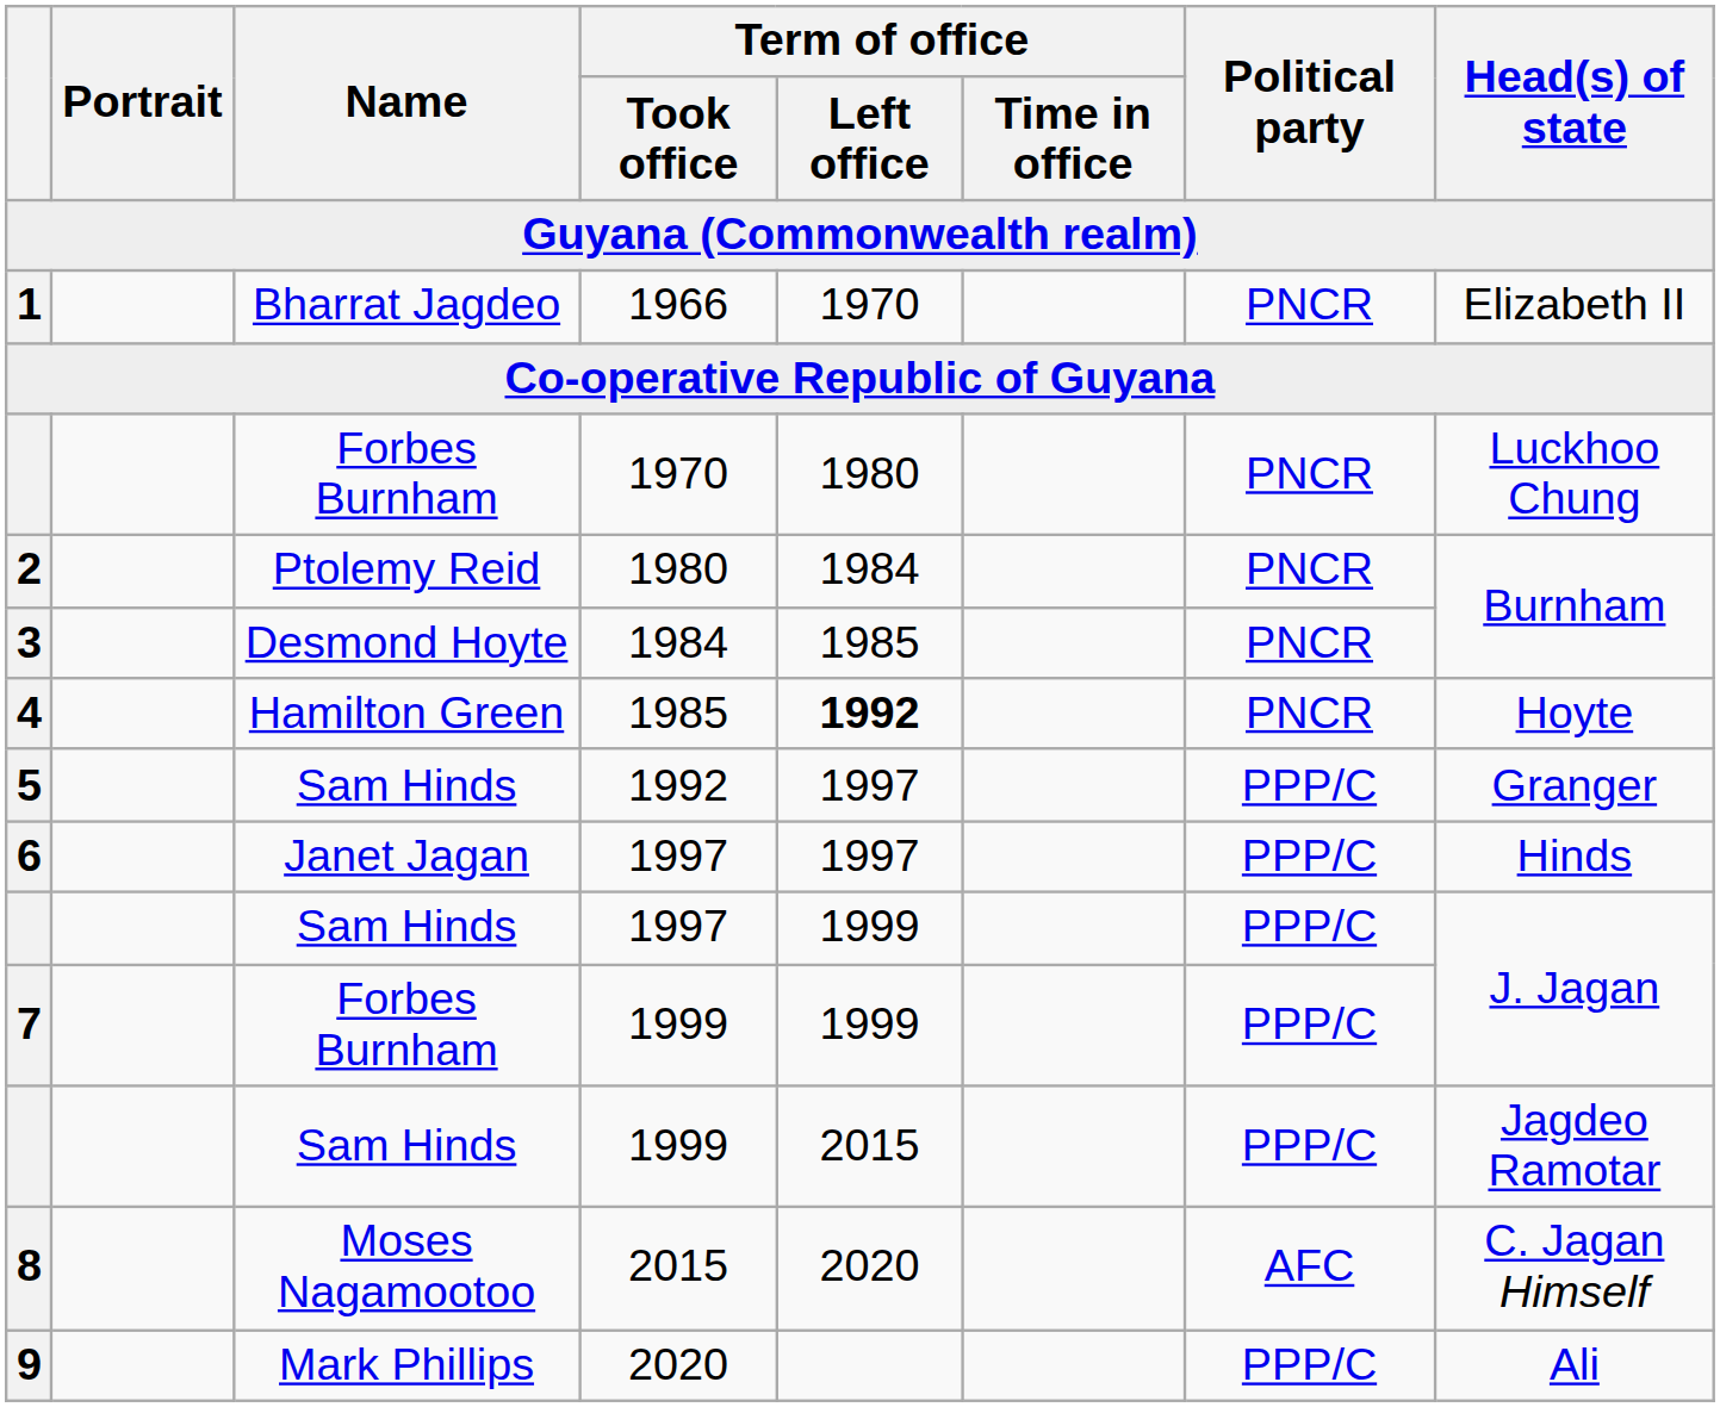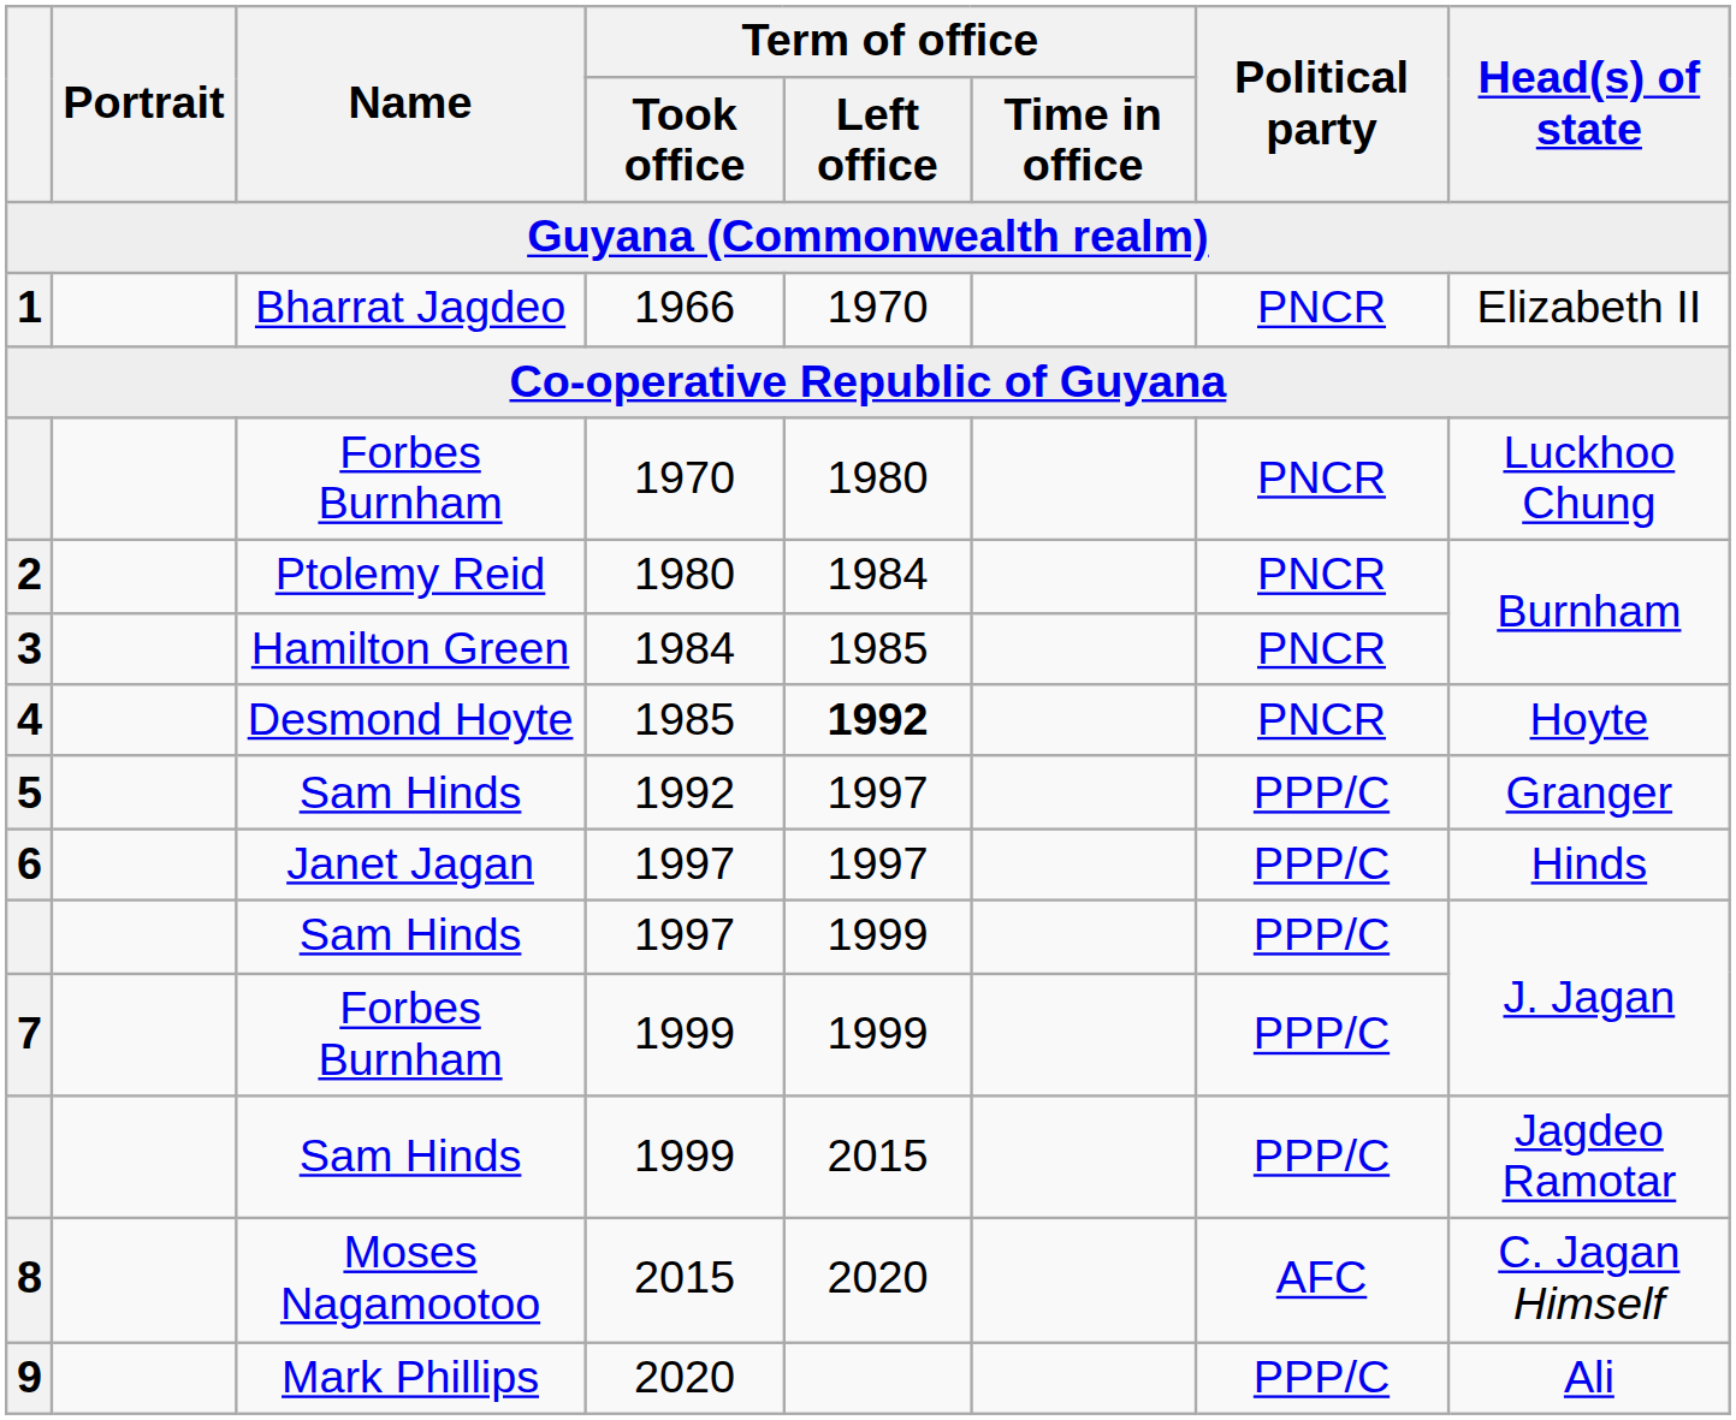 <table class="wikitable" style="text-align:center">
 <tr>
 <th rowspan="2"></th>
 <th rowspan="2">Portrait</th>
 <th rowspan="2">Name<br></th>
 <th colspan="3">Term of office</th>
 <th rowspan="2">Political party</th>
 <th rowspan="2"><a href='#'>Head(s) of state</a></th>
 </tr>
 <tr>
 <th>Took office</th>
 <th>Left office</th>
 <th>Time in office</th>
 </tr>
 <tr bgcolor=#EEEEEE>
 <td colspan="8"><strong><a href='#'>Guyana (Commonwealth realm)</a></strong></td>
 </tr>
 <tr>
 <th style="background:">1</th>
 <td></td>
 <td><a href='#'>Bharrat Jagdeo</a><br></td>
 <td> 1966</td>
 <td> 1970</td>
 <td></td>
 <td><a href='#'>PNCR</a></td>
 <td>Elizabeth II</td>
 </tr>
 <tr bgcolor=#EEEEEE>
 <td colspan="8"><strong><a href='#'>Co-operative Republic of Guyana</a></strong></td>
 </tr>
 <tr>
 <th style="background:"></th>
 <td></td>
 <td><a href='#'>Forbes Burnham</a><br></td>
 <td> 1970</td>
 <td> 1980</td>
 <td></td>
 <td><a href='#'>PNCR</a></td>
 <td><a href='#'>Luckhoo</a><br><a href='#'>Chung</a></td>
 </tr>
 <tr>
 <th style="background:">2</th>
 <td></td>
 <td><a href='#'>Ptolemy Reid</a><br></td>
 <td> 1980</td>
 <td> 1984</td>
 <td></td>
 <td><a href='#'>PNCR</a></td>
 <td rowspan="2"><a href='#'>Burnham</a></td>
 </tr>
 <tr>
 <th style="background:">3</th>
 <td></td>
-<td><a href='#'>Desmond Hoyte</a><br></td>
+<td><a href='#'>Hamilton Green</a><br></td>
 <td> 1984</td>
 <td> 1985</td>
 <td></td>
 <td><a href='#'>PNCR</a></td>
 </tr>
 <tr>
 <th style="background:">4</th>
 <td></td>
-<td><a href='#'>Hamilton Green</a><br></td>
+<td><a href='#'>Desmond Hoyte</a><br></td>
 <td> 1985</td>
 <td><strong> 1992</strong></td>
 <td></td>
 <td><a href='#'>PNCR</a></td>
 <td><a href='#'>Hoyte</a></td>
 </tr>
 <tr>
 <th style="background:">5</th>
 <td></td>
 <td><a href='#'>Sam Hinds</a><br></td>
 <td> 1992</td>
 <td> 1997</td>
 <td></td>
 <td><a href='#'>PPP/C</a></td>
 <td><a href='#'>Granger</a></td>
 </tr>
 <tr>
 <th style="background:">6</th>
 <td></td>
 <td><a href='#'>Janet Jagan</a><br></td>
 <td> 1997</td>
 <td> 1997</td>
 <td></td>
 <td><a href='#'>PPP/C</a></td>
 <td><a href='#'>Hinds</a></td>
 </tr>
 <tr>
 <th style="background:"></th>
 <td></td>
 <td><a href='#'>Sam Hinds</a><br></td>
 <td> 1997</td>
 <td> 1999</td>
 <td></td>
 <td><a href='#'>PPP/C</a></td>
 <td rowspan="2"><a href='#'>J. Jagan</a></td>
 </tr>
 <tr>
 <th style="background:">7</th>
 <td></td>
 <td><a href='#'>Forbes Burnham</a><br></td>
 <td> 1999</td>
 <td> 1999</td>
 <td></td>
 <td><a href='#'>PPP/C</a></td>
 </tr>
 <tr>
 <th style="background:"></th>
 <td></td>
 <td><a href='#'>Sam Hinds</a><br></td>
 <td> 1999</td>
 <td> 2015</td>
 <td></td>
 <td><a href='#'>PPP/C</a></td>
 <td><a href='#'>Jagdeo</a><br><a href='#'>Ramotar</a></td>
 </tr>
 <tr>
 <th style="background:">8</th>
 <td></td>
 <td><a href='#'>Moses Nagamootoo</a><br></td>
 <td> 2015</td>
 <td> 2020</td>
 <td></td>
 <td><a href='#'>AFC</a><br></td>
 <td><a href='#'>C. Jagan</a><br><em>Himself</em></td>
 </tr>
 <tr>
 <th style="background:">9</th>
 <td></td>
 <td><a href='#'>Mark Phillips</a><br></td>
 <td> 2020</td>
 <td></td>
 <td></td>
 <td><a href='#'>PPP/C</a></td>
 <td><a href='#'>Ali</a></td>
 </tr>
 </table>
